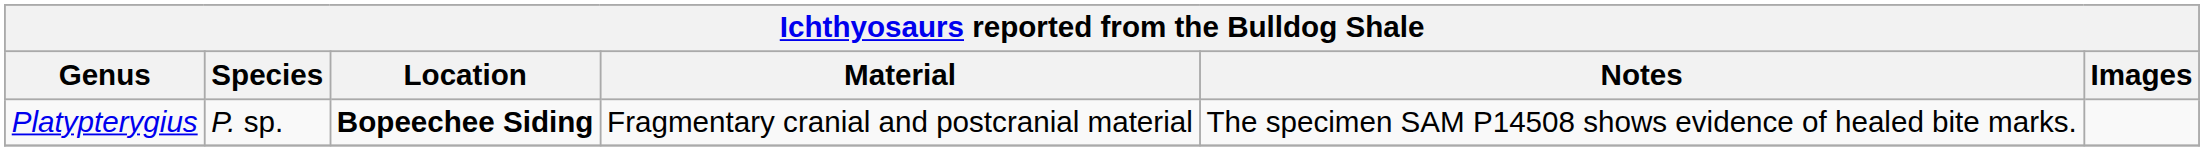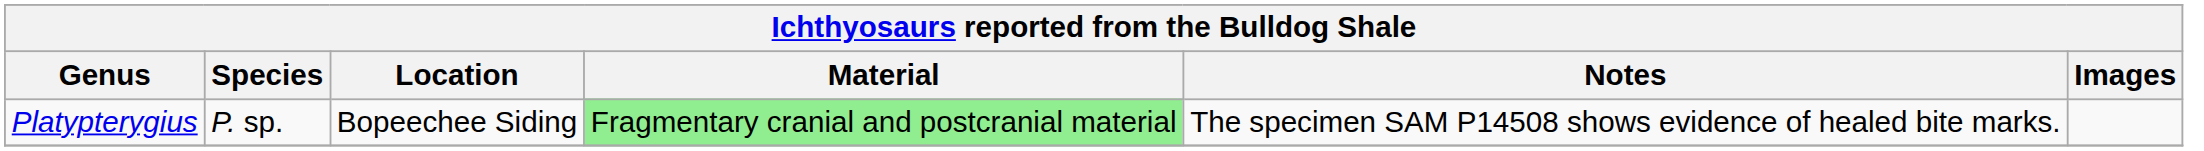 <table class="wikitable sortable" align="center">
 <tr>
 <th colspan="6" align="center"><strong><a href='#'>Ichthyosaurs</a> reported from the Bulldog Shale</strong></th>
 </tr>
 <tr>
 <th>Genus</th>
 <th>Species</th>
 <th>Location</th>
 <th>Material</th>
 <th>Notes</th>
 <th>Images</th>
 </tr>
 <tr>
 <td><em><a href='#'>Platypterygius</a></em></td>
 <td><em>P.</em> sp.</td>
-<td><strong>Bopeechee Siding</strong></td>
-<td>Fragmentary cranial and postcranial material</td>
+<td>Bopeechee Siding</td>
+<td style="background: lightgreen;">Fragmentary cranial and postcranial material</td>
 <td>The specimen SAM P14508 shows evidence of healed bite marks.</td>
 <td></td>
 </tr>
 <tr>
 </tr>
 </table>
